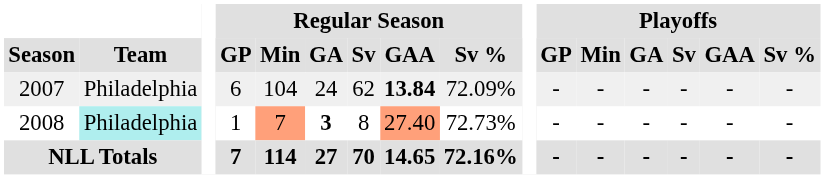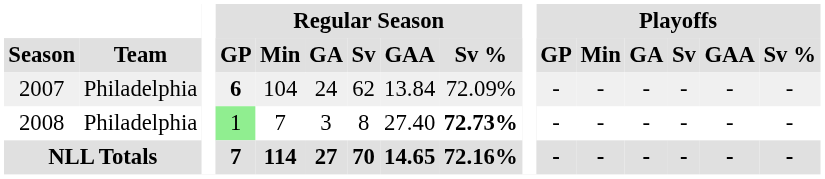 <table BORDER="0" CELLPADDING="3" CELLSPACING="0">
 <tr ALIGN="center" bgcolor="#e0e0e0">
 <th colspan="2" bgcolor="#ffffff"> </th>
 <th rowspan="99" bgcolor="#ffffff"> </th>
 <th colspan="6">Regular Season</th>
 <th rowspan="99" bgcolor="#ffffff"> </th>
 <th colspan="6">Playoffs</th>
 </tr>
 <tr ALIGN="center" bgcolor="#e0e0e0">
 <th>Season</th>
 <th>Team</th>
 <th>GP</th>
 <th>Min</th>
 <th>GA</th>
 <th>Sv</th>
 <th>GAA</th>
 <th>Sv %</th>
 <th>GP</th>
 <th>Min</th>
 <th>GA</th>
 <th>Sv</th>
 <th>GAA</th>
 <th>Sv %</th>
 </tr>
 <tr ALIGN="center" bgcolor="#f0f0f0">
 <td>2007</td>
 <td>Philadelphia</td>
-<td>6</td>
+<td><strong>6</strong></td>
 <td>104</td>
 <td>24</td>
 <td>62</td>
-<td><strong>13.84</strong></td>
+<td>13.84</td>
 <td>72.09%</td>
 <td>-</td>
 <td>-</td>
 <td>-</td>
 <td>-</td>
 <td>-</td>
 <td>-</td>
 </tr>
 <tr ALIGN="center">
 <td>2008</td>
-<td style="background: paleturquoise;">Philadelphia</td>
-<td>1</td>
-<td style="background: lightsalmon;">7</td>
-<td><strong>3</strong></td>
+<td>Philadelphia</td>
+<td style="background: lightgreen;">1</td>
+<td>7</td>
+<td>3</td>
 <td>8</td>
-<td style="background: lightsalmon;">27.40</td>
-<td>72.73%</td>
+<td>27.40</td>
+<td><strong>72.73%</strong></td>
 <td>-</td>
 <td>-</td>
 <td>-</td>
 <td>-</td>
 <td>-</td>
 <td>-</td>
 </tr>
 <tr ALIGN="center" bgcolor="#e0e0e0">
 <th colspan="2">NLL Totals</th>
 <th>7</th>
 <th>114</th>
 <th>27</th>
 <th>70</th>
 <th>14.65</th>
 <th>72.16%</th>
 <th>-</th>
 <th>-</th>
 <th>-</th>
 <th>-</th>
 <th>-</th>
 <th>-</th>
 </tr>
 </table>
